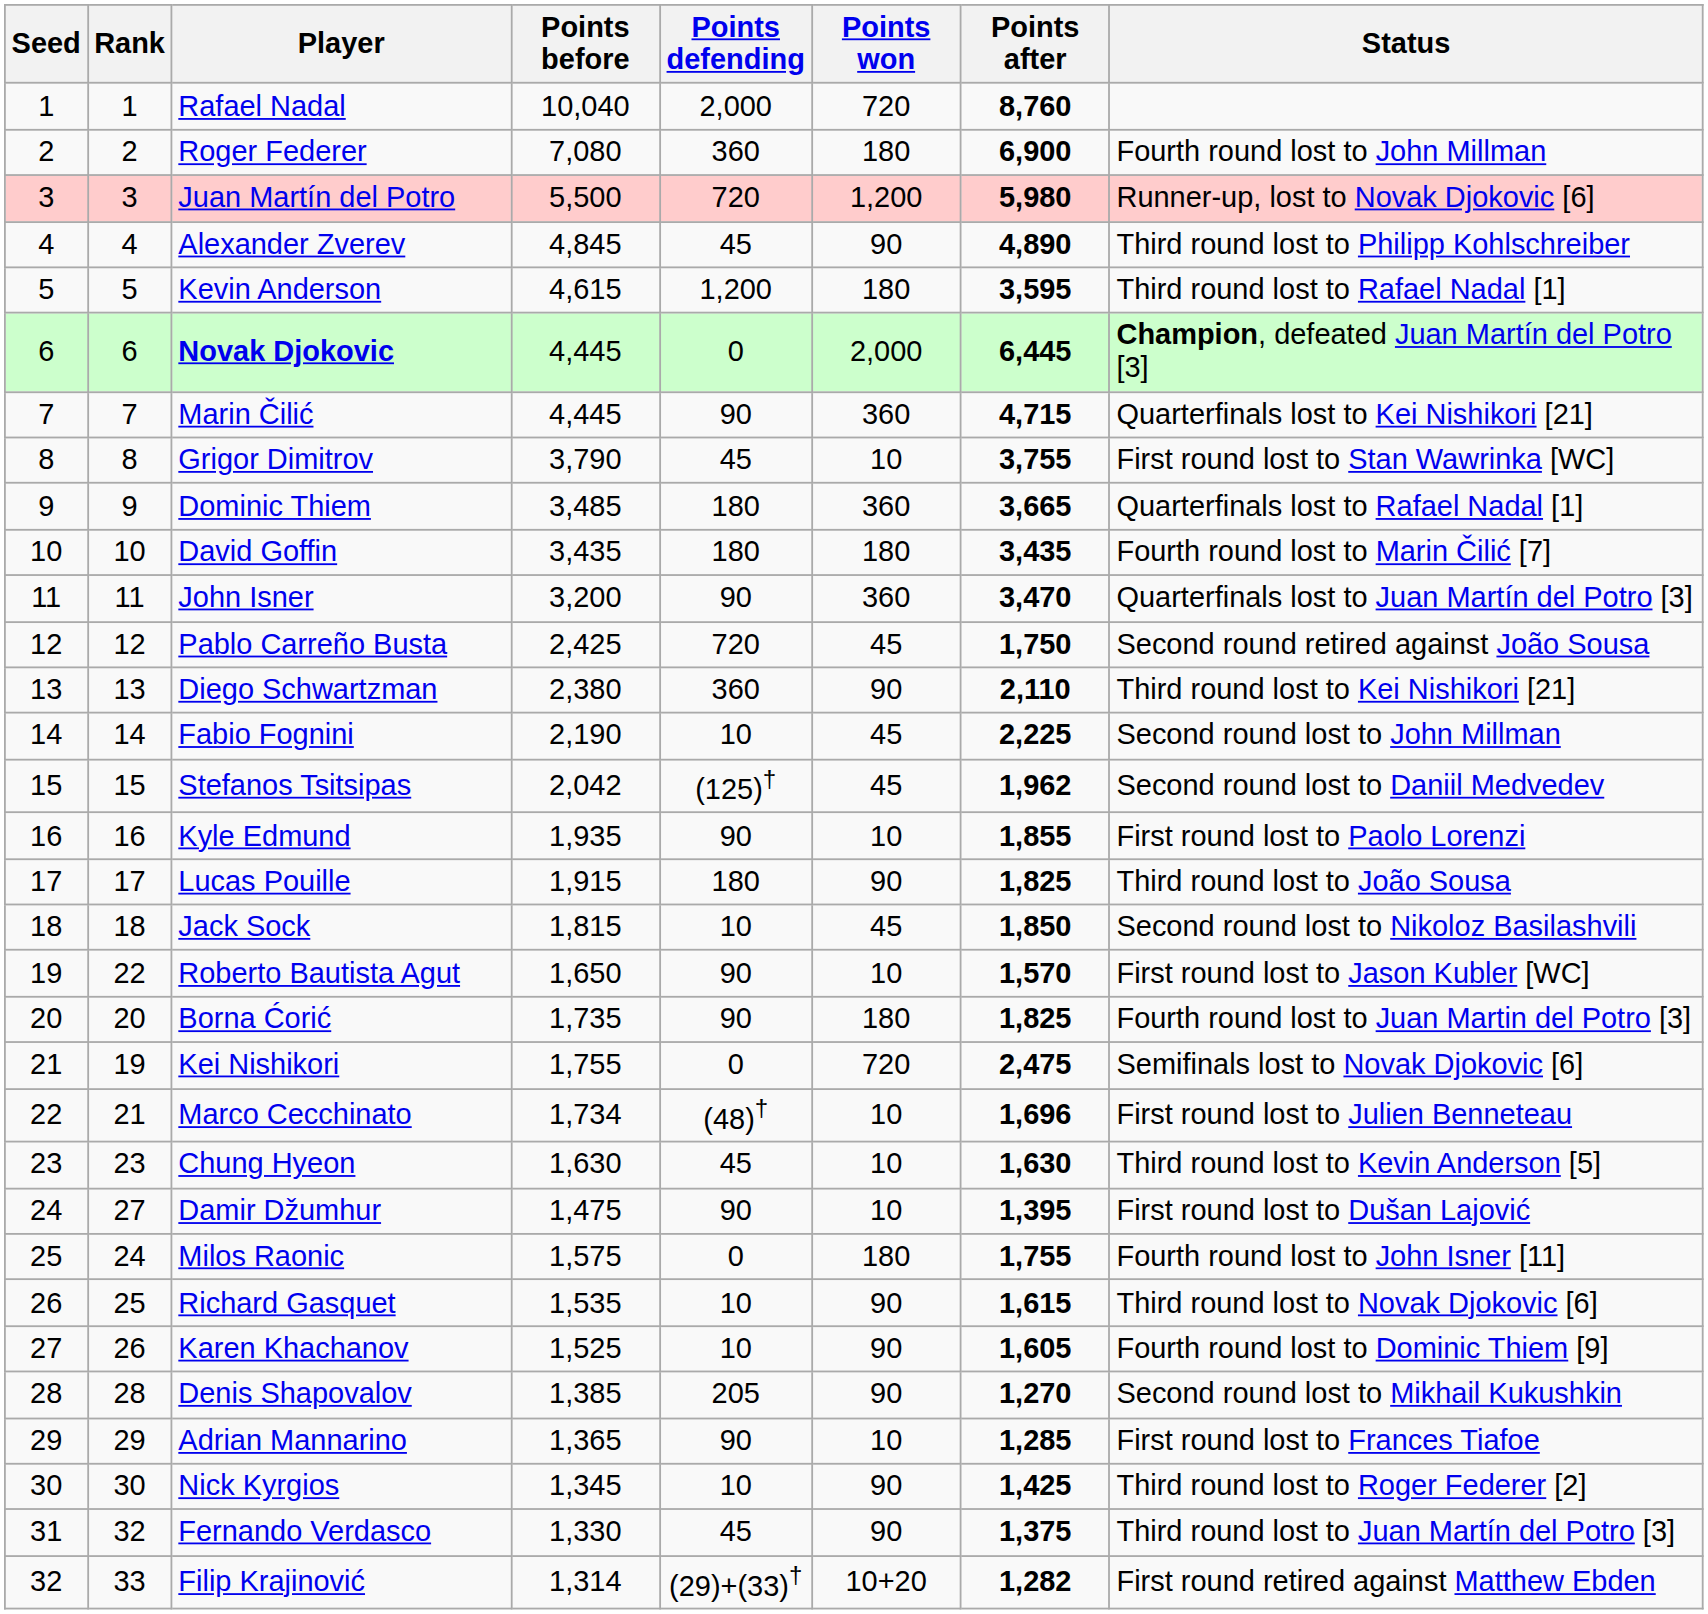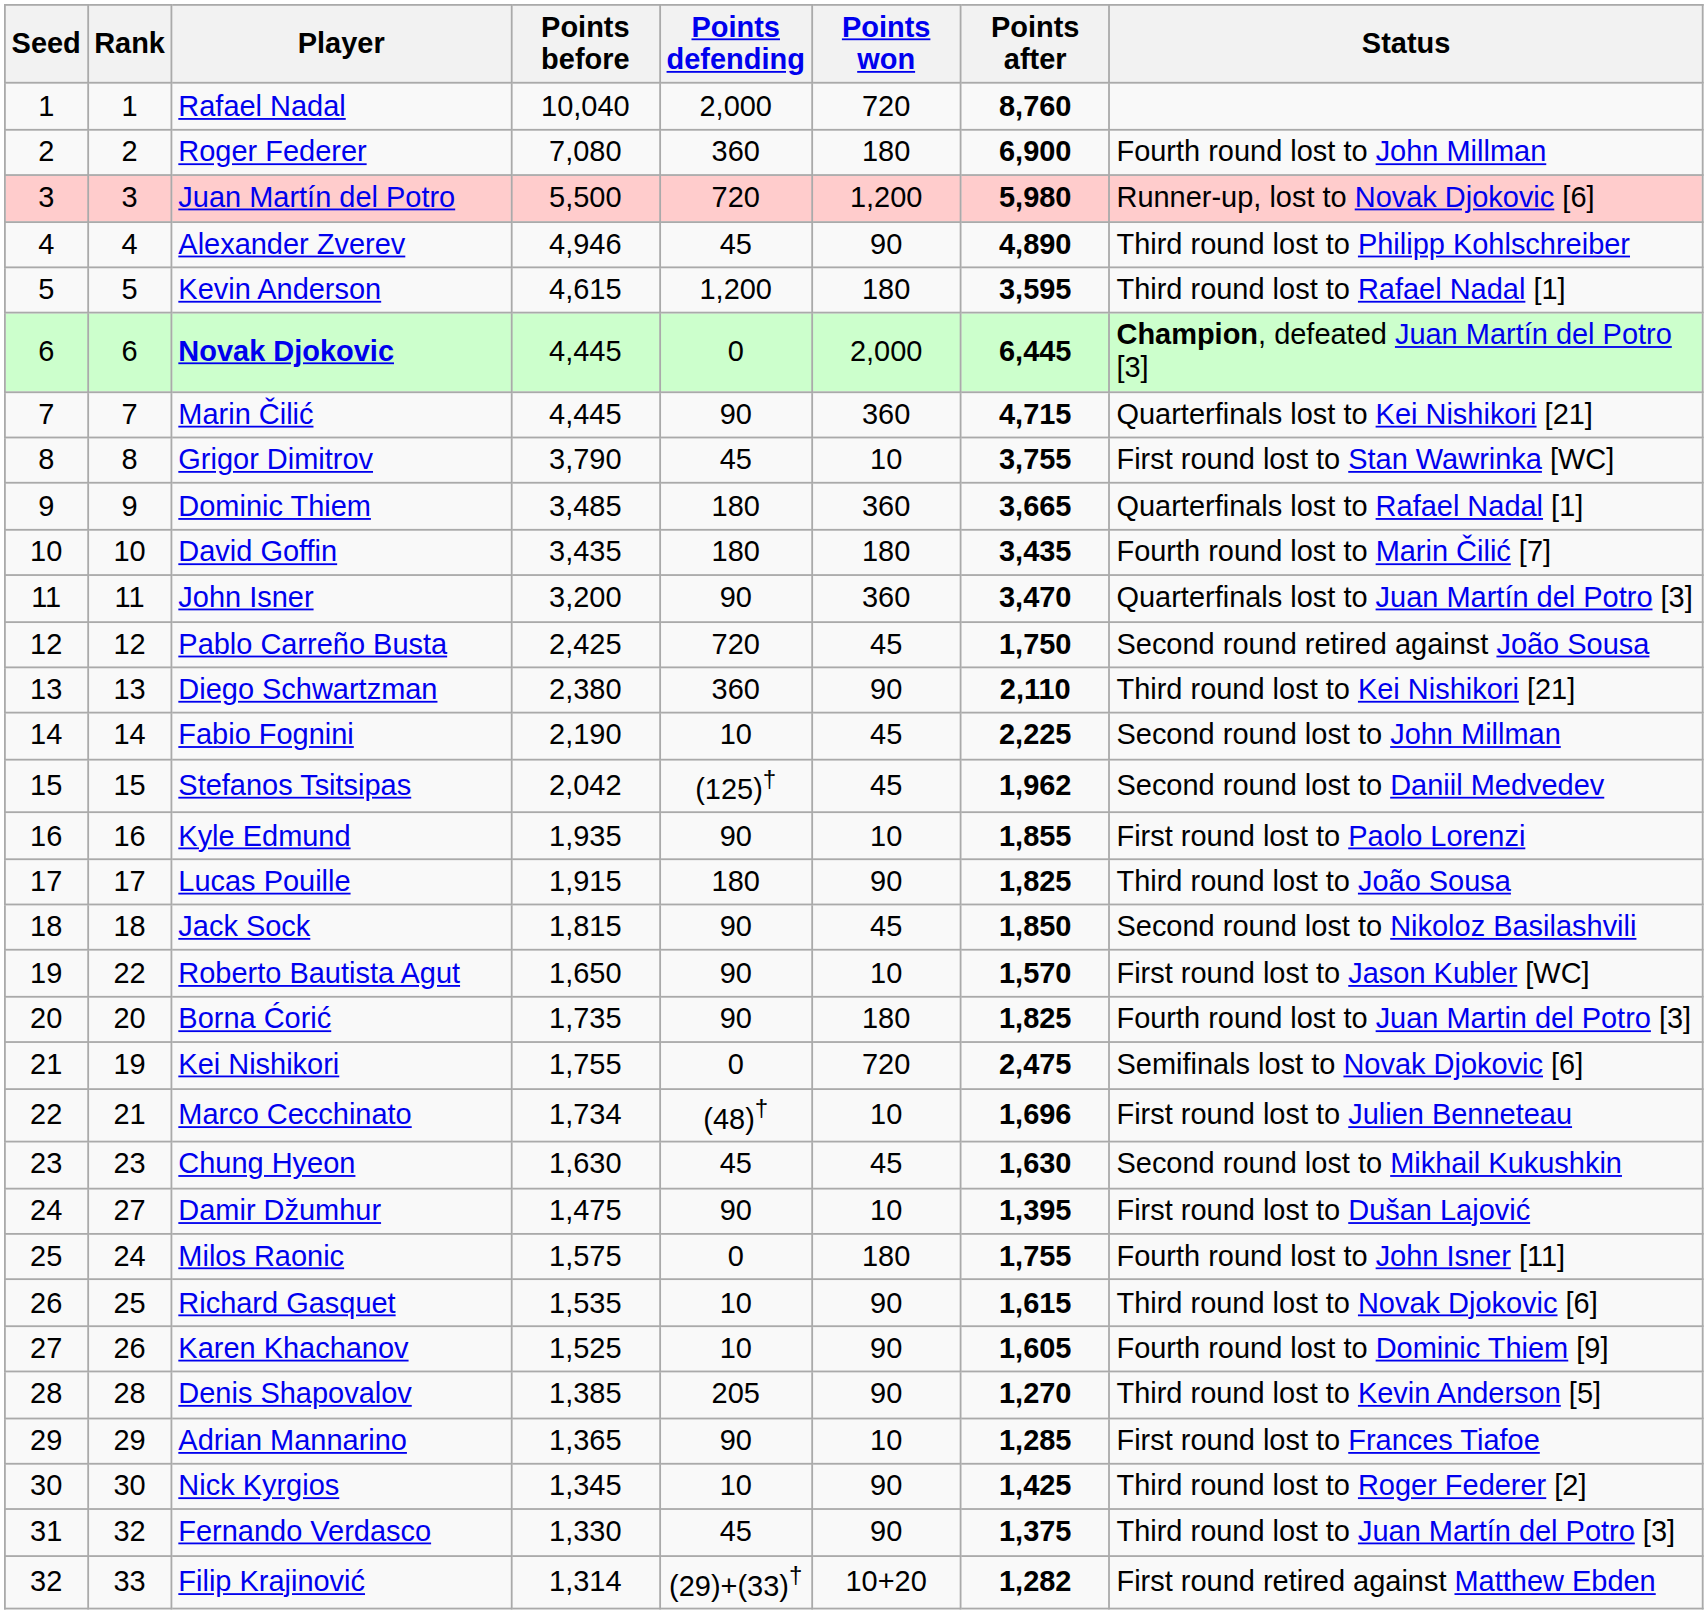 <table class="wikitable sortable" style="text-align:center;">
 <tr style="background:;">
 <th style="width:30px;">Seed</th>
 <th style="width:30px;">Rank</th>
 <th style="width:180px;">Player</th>
 <th style="width:75px;">Points before</th>
 <th style="width:75px;"><a href='#'>Points defending</a></th>
 <th style="width:75px;"><a href='#'>Points won</a></th>
 <th style="width:75px;">Points after</th>
 <th style="width:320px;">Status</th>
 </tr>
 <tr>
 <td>1</td>
 <td>1</td>
 <td align="left"> <a href='#'>Rafael Nadal</a></td>
 <td>10,040</td>
 <td>2,000</td>
 <td>720</td>
 <td><strong>8,760</strong></td>
 <td align="left"></td>
 </tr>
 <tr>
 <td>2</td>
 <td>2</td>
 <td align="left"> <a href='#'>Roger Federer</a></td>
 <td>7,080</td>
 <td>360</td>
 <td>180</td>
 <td><strong>6,900</strong></td>
 <td align="left">Fourth round lost to  <a href='#'>John Millman</a></td>
 </tr>
 <tr style="background:#fcc;">
 <td>3</td>
 <td>3</td>
 <td align="left"> <a href='#'>Juan Martín del Potro</a></td>
 <td>5,500</td>
 <td>720</td>
 <td>1,200</td>
 <td><strong>5,980</strong></td>
 <td align="left">Runner-up, lost to  <a href='#'>Novak Djokovic</a> [6]</td>
 </tr>
 <tr>
 <td>4</td>
 <td>4</td>
 <td align="left"> <a href='#'>Alexander Zverev</a></td>
-<td>4,845</td>
+<td>4,946</td>
 <td>45</td>
 <td>90</td>
 <td><strong>4,890</strong></td>
 <td align="left">Third round lost to  <a href='#'>Philipp Kohlschreiber</a></td>
 </tr>
 <tr>
 <td>5</td>
 <td>5</td>
 <td align="left"> <a href='#'>Kevin Anderson</a></td>
 <td>4,615</td>
 <td>1,200</td>
 <td>180</td>
 <td><strong>3,595</strong></td>
 <td align="left">Third round lost to  <a href='#'>Rafael Nadal</a> [1]</td>
 </tr>
 <tr style="background:#cfc;">
 <td>6</td>
 <td>6</td>
 <td align="left"> <strong><a href='#'>Novak Djokovic</a></strong></td>
 <td>4,445</td>
 <td>0</td>
 <td>2,000</td>
 <td><strong>6,445</strong></td>
 <td align="left"><strong>Champion</strong>, defeated  <a href='#'>Juan Martín del Potro</a> [3]</td>
 </tr>
 <tr>
 <td>7</td>
 <td>7</td>
 <td align="left"> <a href='#'>Marin Čilić</a></td>
 <td>4,445</td>
 <td>90</td>
 <td>360</td>
 <td><strong>4,715</strong></td>
 <td align="left">Quarterfinals lost to  <a href='#'>Kei Nishikori</a> [21]</td>
 </tr>
 <tr>
 <td>8</td>
 <td>8</td>
 <td align="left"> <a href='#'>Grigor Dimitrov</a></td>
 <td>3,790</td>
 <td>45</td>
 <td>10</td>
 <td><strong>3,755</strong></td>
 <td align="left">First round lost to  <a href='#'>Stan Wawrinka</a> [WC]</td>
 </tr>
 <tr>
 <td>9</td>
 <td>9</td>
 <td align="left"> <a href='#'>Dominic Thiem</a></td>
 <td>3,485</td>
 <td>180</td>
 <td>360</td>
 <td><strong>3,665</strong></td>
 <td align="left">Quarterfinals lost to  <a href='#'>Rafael Nadal</a> [1]</td>
 </tr>
 <tr>
 <td>10</td>
 <td>10</td>
 <td align="left"> <a href='#'>David Goffin</a></td>
 <td>3,435</td>
 <td>180</td>
 <td>180</td>
 <td><strong>3,435</strong></td>
 <td align="left">Fourth round lost to   <a href='#'>Marin Čilić</a> [7]</td>
 </tr>
 <tr>
 <td>11</td>
 <td>11</td>
 <td align="left"> <a href='#'>John Isner</a></td>
 <td>3,200</td>
 <td>90</td>
 <td>360</td>
 <td><strong>3,470</strong></td>
 <td align="left">Quarterfinals lost to  <a href='#'>Juan Martín del Potro</a> [3]</td>
 </tr>
 <tr>
 <td>12</td>
 <td>12</td>
 <td align="left"> <a href='#'>Pablo Carreño Busta</a></td>
 <td>2,425</td>
 <td>720</td>
 <td>45</td>
 <td><strong>1,750</strong></td>
 <td align="left">Second round retired against  <a href='#'>João Sousa</a></td>
 </tr>
 <tr>
 <td>13</td>
 <td>13</td>
 <td align="left"> <a href='#'>Diego Schwartzman</a></td>
 <td>2,380</td>
 <td>360</td>
 <td>90</td>
 <td><strong>2,110</strong></td>
 <td align="left">Third round lost to  <a href='#'>Kei Nishikori</a> [21]</td>
 </tr>
 <tr>
 <td>14</td>
 <td>14</td>
 <td align="left"> <a href='#'>Fabio Fognini</a></td>
 <td>2,190</td>
 <td>10</td>
 <td>45</td>
 <td><strong>2,225</strong></td>
 <td align="left">Second round lost to  <a href='#'>John Millman</a></td>
 </tr>
 <tr>
 <td>15</td>
 <td>15</td>
 <td align="left"> <a href='#'>Stefanos Tsitsipas</a></td>
 <td>2,042</td>
 <td>(125)<sup>†</sup></td>
 <td>45</td>
 <td><strong>1,962</strong></td>
 <td align="left">Second round lost to  <a href='#'>Daniil Medvedev</a></td>
 </tr>
 <tr>
 <td>16</td>
 <td>16</td>
 <td align="left"> <a href='#'>Kyle Edmund</a></td>
 <td>1,935</td>
 <td>90</td>
 <td>10</td>
 <td><strong>1,855</strong></td>
 <td align="left">First round lost to  <a href='#'>Paolo Lorenzi</a></td>
 </tr>
 <tr>
 <td>17</td>
 <td>17</td>
 <td align="left"> <a href='#'>Lucas Pouille</a></td>
 <td>1,915</td>
 <td>180</td>
 <td>90</td>
 <td><strong>1,825</strong></td>
 <td align="left">Third round lost to  <a href='#'>João Sousa</a></td>
 </tr>
 <tr>
 <td>18</td>
 <td>18</td>
 <td align="left"> <a href='#'>Jack Sock</a></td>
 <td>1,815</td>
-<td>10</td>
+<td>90</td>
 <td>45</td>
 <td><strong>1,850</strong></td>
 <td align="left">Second round lost to  <a href='#'>Nikoloz Basilashvili</a></td>
 </tr>
 <tr>
 <td>19</td>
 <td>22</td>
 <td align="left"> <a href='#'>Roberto Bautista Agut</a></td>
 <td>1,650</td>
 <td>90</td>
 <td>10</td>
 <td><strong>1,570</strong></td>
 <td align="left">First round lost to  <a href='#'>Jason Kubler</a> [WC]</td>
 </tr>
 <tr>
 <td>20</td>
 <td>20</td>
 <td align="left"> <a href='#'>Borna Ćorić</a></td>
 <td>1,735</td>
 <td>90</td>
 <td>180</td>
 <td><strong>1,825</strong></td>
 <td align="left">Fourth round lost to  <a href='#'>Juan Martin del Potro</a> [3]</td>
 </tr>
 <tr>
 <td>21</td>
 <td>19</td>
 <td align="left"> <a href='#'>Kei Nishikori</a></td>
 <td>1,755</td>
 <td>0</td>
 <td>720</td>
 <td><strong>2,475</strong></td>
 <td align="left">Semifinals lost to  <a href='#'>Novak Djokovic</a> [6]</td>
 </tr>
 <tr>
 <td>22</td>
 <td>21</td>
 <td align="left"> <a href='#'>Marco Cecchinato</a></td>
 <td>1,734</td>
 <td>(48)<sup>†</sup></td>
 <td>10</td>
 <td><strong>1,696</strong></td>
 <td align="left">First round lost to  <a href='#'>Julien Benneteau</a></td>
 </tr>
 <tr>
 <td>23</td>
 <td>23</td>
 <td align="left"> <a href='#'>Chung Hyeon</a></td>
 <td>1,630</td>
 <td>45</td>
-<td>10</td>
+<td>45</td>
 <td><strong>1,630</strong></td>
-<td align="left">Third round lost to  <a href='#'>Kevin Anderson</a> [5]</td>
+<td align="left">Second round lost to  <a href='#'>Mikhail Kukushkin</a></td>
 </tr>
 <tr>
 <td>24</td>
 <td>27</td>
 <td align="left"> <a href='#'>Damir Džumhur</a></td>
 <td>1,475</td>
 <td>90</td>
 <td>10</td>
 <td><strong>1,395</strong></td>
 <td align="left">First round lost to  <a href='#'>Dušan Lajović</a></td>
 </tr>
 <tr>
 <td>25</td>
 <td>24</td>
 <td align="left"> <a href='#'>Milos Raonic</a></td>
 <td>1,575</td>
 <td>0</td>
 <td>180</td>
 <td><strong>1,755</strong></td>
 <td align="left">Fourth round lost to  <a href='#'>John Isner</a> [11]</td>
 </tr>
 <tr>
 <td>26</td>
 <td>25</td>
 <td align="left"> <a href='#'>Richard Gasquet</a></td>
 <td>1,535</td>
 <td>10</td>
 <td>90</td>
 <td><strong>1,615</strong></td>
 <td align="left">Third round lost to  <a href='#'>Novak Djokovic</a> [6]</td>
 </tr>
 <tr>
 <td>27</td>
 <td>26</td>
 <td align="left"> <a href='#'>Karen Khachanov</a></td>
 <td>1,525</td>
 <td>10</td>
 <td>90</td>
 <td><strong>1,605</strong></td>
 <td align="left">Fourth round lost to  <a href='#'>Dominic Thiem</a> [9]</td>
 </tr>
 <tr>
 <td>28</td>
 <td>28</td>
 <td align="left"> <a href='#'>Denis Shapovalov</a></td>
 <td>1,385</td>
 <td>205</td>
 <td>90</td>
 <td><strong>1,270</strong></td>
-<td align="left">Second round lost to  <a href='#'>Mikhail Kukushkin</a></td>
+<td align="left">Third round lost to  <a href='#'>Kevin Anderson</a> [5]</td>
 </tr>
 <tr>
 <td>29</td>
 <td>29</td>
 <td align="left"> <a href='#'>Adrian Mannarino</a></td>
 <td>1,365</td>
 <td>90</td>
 <td>10</td>
 <td><strong>1,285</strong></td>
 <td align="left">First round lost to  <a href='#'>Frances Tiafoe</a></td>
 </tr>
 <tr>
 <td>30</td>
 <td>30</td>
 <td align="left"> <a href='#'>Nick Kyrgios</a></td>
 <td>1,345</td>
 <td>10</td>
 <td>90</td>
 <td><strong>1,425</strong></td>
 <td align="left">Third round lost to  <a href='#'>Roger Federer</a> [2]</td>
 </tr>
 <tr>
 <td>31</td>
 <td>32</td>
 <td align="left"> <a href='#'>Fernando Verdasco</a></td>
 <td>1,330</td>
 <td>45</td>
 <td>90</td>
 <td><strong>1,375</strong></td>
 <td align="left">Third round lost to  <a href='#'>Juan Martín del Potro</a> [3]</td>
 </tr>
 <tr>
 <td>32</td>
 <td>33</td>
 <td align="left"> <a href='#'>Filip Krajinović</a></td>
 <td>1,314</td>
 <td>(29)+(33)<sup>†</sup></td>
 <td>10+20</td>
 <td><strong>1,282</strong></td>
 <td align="left">First round retired against  <a href='#'>Matthew Ebden</a></td>
 </tr>
 </table>
